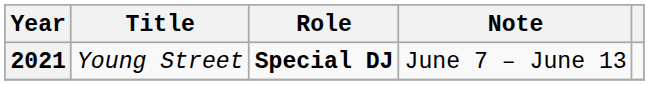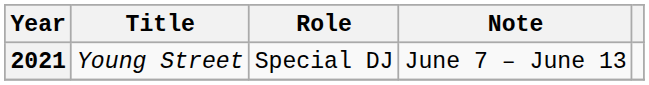 <table class="wikitable plainrowheaders">
 <tr>
 <th scope="col">Year</th>
 <th scope="col">Title</th>
 <th scope="col">Role</th>
 <th scope="col">Note</th>
 <th scope="col" class="unsortable"></th>
 </tr>
 <tr>
 <th scope="row">2021</th>
 <td><em>Young Street</em></td>
-<td><strong>Special DJ</strong></td>
+<td>Special DJ</td>
 <td>June 7 – June 13</td>
 <td style="text-align:center"></td>
 </tr>
 <tr>
 </tr>
 </table>
